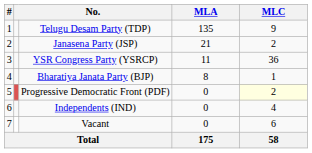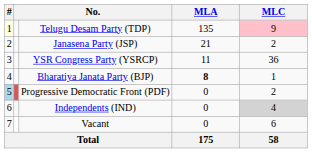 <table class="wikitable sortable" style="text-align: center;">
 <tr>
 <th>#</th>
 <th colspan="2" style="width:30px;">No.</th>
 <th style="width:100px;"><a href='#'>MLA</a></th>
 <th style="width:100px;"><a href='#'>MLC</a></th>
 </tr>
 <tr>
-<td>1</td>
+<td style="background: lightyellow;">1</td>
 <td style="background-color:"></td>
 <td><a href='#'>Telugu Desam Party</a> (TDP)</td>
 <td>135</td>
-<td>9</td>
+<td style="background: pink;">9</td>
 </tr>
 <tr>
 <td>2</td>
 <td style="background-color:"></td>
 <td><a href='#'>Janasena Party</a> (JSP)</td>
 <td>21</td>
 <td>2</td>
 </tr>
 <tr>
 <td>3</td>
 <td style="background-color:"></td>
 <td><a href='#'>YSR Congress Party</a> (YSRCP)</td>
 <td>11</td>
 <td>36</td>
 </tr>
 <tr>
 <td>4</td>
 <td style="background-color:"></td>
 <td><a href='#'>Bharatiya Janata Party</a> (BJP)</td>
-<td>8</td>
+<td><strong>8</strong></td>
 <td>1</td>
 </tr>
 <tr>
-<td>5</td>
+<td style="background: lightblue;">5</td>
 <td style="background-color:#DB5353;"></td>
 <td>Progressive Democratic Front (PDF)</td>
 <td>0</td>
-<td style="background: lightyellow;">2</td>
+<td>2</td>
 </tr>
 <tr>
 <td>6</td>
 <td style="background-color:"></td>
 <td><a href='#'>Independents</a> (IND)</td>
 <td>0</td>
-<td>4</td>
+<td style="background: lightgrey;">4</td>
 </tr>
 <tr>
 <td>7</td>
 <td style="background-color:#FFFFFF;"></td>
 <td>Vacant</td>
 <td>0</td>
 <td>6</td>
 </tr>
 <tr>
 <th colspan="3">Total</th>
 <th>175</th>
 <th>58</th>
 </tr>
 </table>
